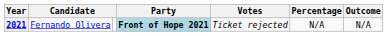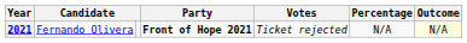 <table class="wikitable" style="text-align:center">
 <tr>
 <th>Year</th>
 <th colspan="2">Candidate</th>
 <th>Party</th>
 <th>Votes</th>
 <th>Percentage</th>
 <th>Outcome</th>
 </tr>
 <tr>
 <th><strong><a href='#'>2021</a></strong></th>
 <td><a href='#'>Fernando Olivera</a></td>
 <td></td>
-<td style="background: lightblue;"><strong>Front of Hope 2021</strong></td>
+<td><strong>Front of Hope 2021</strong></td>
 <td><em>Ticket rejected</em></td>
 <td>N/A</td>
-<td>N/A</td>
+<td style="background: lightyellow;">N/A</td>
 </tr>
 </table>
